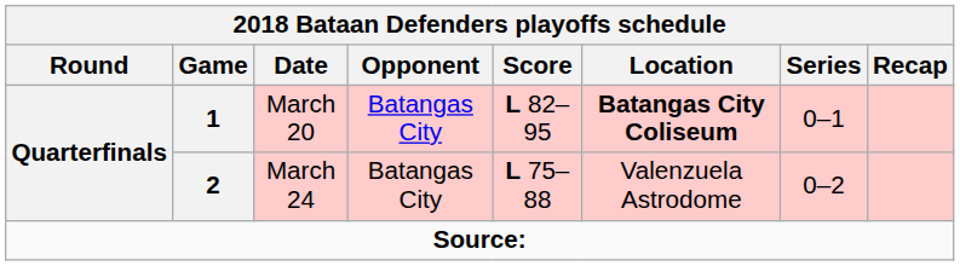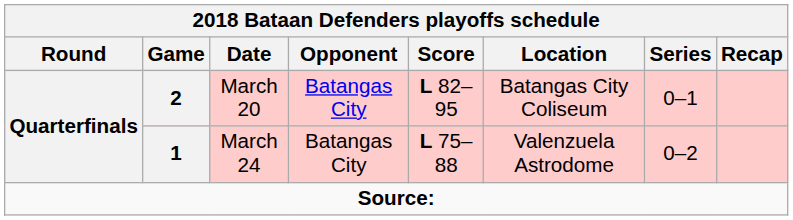 <table class="wikitable" style="text-align:center">
 <tr>
 <th colspan=8>2018 Bataan Defenders playoffs schedule</th>
 </tr>
 <tr>
 <th>Round</th>
 <th>Game</th>
 <th>Date</th>
 <th>Opponent</th>
 <th>Score</th>
 <th>Location</th>
 <th>Series</th>
 <th>Recap</th>
 </tr>
 <tr style="background:#fcc">
 <th rowspan=2>Quarterfinals</th>
-<th>1</th>
+<th>2</th>
 <td>March 20</td>
 <td><a href='#'>Batangas City</a></td>
 <td><strong>L</strong> 82–95</td>
-<td><strong>Batangas City Coliseum</strong></td>
+<td>Batangas City Coliseum</td>
 <td>0–1</td>
 <td></td>
 </tr>
 <tr style="background:#fcc">
-<th>2</th>
+<th>1</th>
 <td>March 24</td>
 <td>Batangas City</td>
 <td><strong>L</strong> 75–88</td>
 <td>Valenzuela Astrodome</td>
 <td>0–2</td>
 <td></td>
 </tr>
 <tr>
 <td colspan=8 align=center><strong>Source: </strong></td>
 </tr>
 </table>
